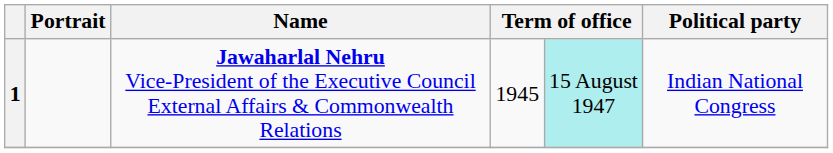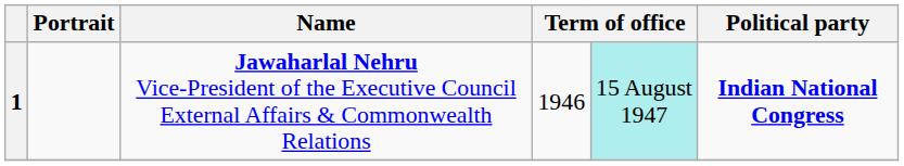 <table class="wikitable" style="text-align:center">
 <tr>
 <th></th>
 <th>Portrait</th>
 <th style="width:17em">Name</th>
 <th colspan="2">Term of office</th>
 <th style="width:8em">Political party</th>
 </tr>
 <tr>
 <th>1</th>
 <td></td>
 <td><strong><a href='#'>Jawaharlal Nehru</a></strong><br><a href='#'>Vice-President of the Executive Council</a><br> <a href='#'>External Affairs & Commonwealth Relations</a><br></td>
-<td>1945</td>
+<td>1946</td>
 <td style="background: paleturquoise;">15 August<br>1947</td>
-<td><a href='#'>Indian National Congress</a></td>
+<td><strong><a href='#'>Indian National Congress</a></strong></td>
 </tr>
 <tr>
 </tr>
 </table>
